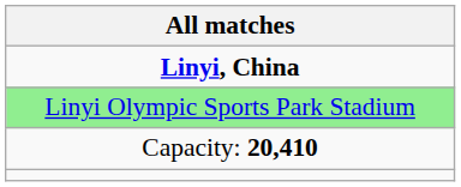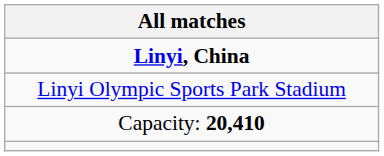 <table class="wikitable" style="text-align:center" width=280>
 <tr>
 <th>All matches</th>
 </tr>
 <tr>
 <td><strong><a href='#'>Linyi</a>, China</strong></td>
 </tr>
 <tr>
-<td style="background: lightgreen;"><a href='#'>Linyi Olympic Sports Park Stadium</a></td>
+<td><a href='#'>Linyi Olympic Sports Park Stadium</a></td>
 </tr>
 <tr>
 <td>Capacity: <strong>20,410</strong></td>
 </tr>
 <tr>
 <td></td>
 </tr>
 </table>
